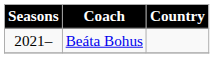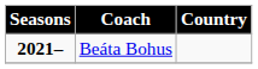 <table class="wikitable" style="text-align: center">
 <tr>
 <th style="color:white; background:black">Seasons</th>
 <th style="color:white; background:black">Coach</th>
 <th style="color:white; background:black">Country</th>
 </tr>
 <tr>
-<td style="text-align: center">2021–</td>
+<td style="text-align: center"><strong>2021–</strong></td>
 <td style="text-align: center"><a href='#'>Beáta Bohus</a></td>
 <td style="text-align: center"></td>
 </tr>
 <tr>
 </tr>
 </table>
